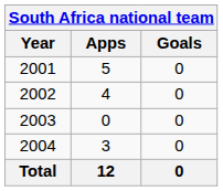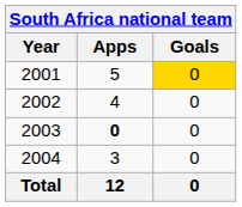 <table class="wikitable" style="text-align:center">
 <tr>
 <th colspan=3><a href='#'>South Africa national team</a></th>
 </tr>
 <tr>
 <th>Year</th>
 <th>Apps</th>
 <th>Goals</th>
 </tr>
 <tr>
 <td>2001</td>
 <td>5</td>
-<td>0</td>
+<td style="background: gold;">0</td>
 </tr>
 <tr>
 <td>2002</td>
 <td>4</td>
 <td>0</td>
 </tr>
 <tr>
 <td>2003</td>
-<td>0</td>
+<td><strong>0</strong></td>
 <td>0</td>
 </tr>
 <tr>
 <td>2004</td>
 <td>3</td>
 <td>0</td>
 </tr>
 <tr>
 <th>Total</th>
 <th>12</th>
 <th>0</th>
 </tr>
 </table>
